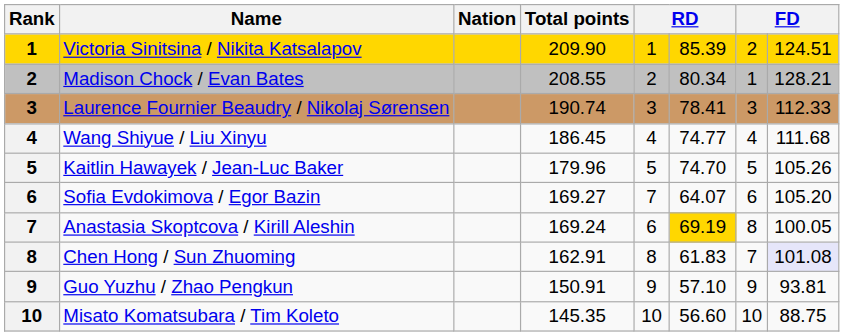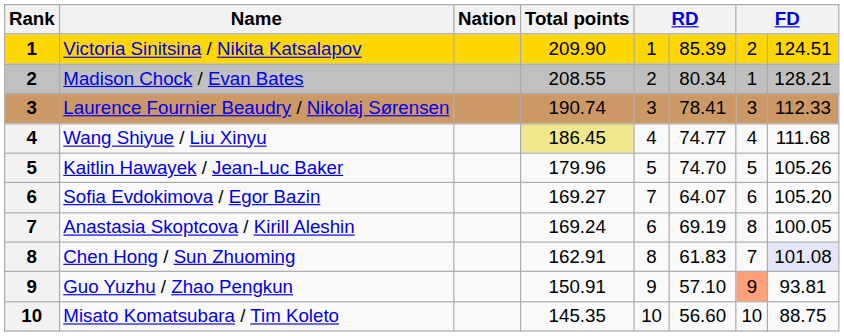 <table class="wikitable sortable">
 <tr>
 <th>Rank</th>
 <th>Name</th>
 <th>Nation</th>
 <th>Total points</th>
 <th colspan="2" width="80px"><a href='#'>RD</a></th>
 <th colspan="2" width="80px"><a href='#'>FD</a></th>
 </tr>
 <tr bgcolor="gold">
 <td align="center"><strong>1</strong></td>
 <td><a href='#'>Victoria Sinitsina</a> / <a href='#'>Nikita Katsalapov</a></td>
 <td></td>
 <td align="center">209.90</td>
 <td align="center">1</td>
 <td align="center">85.39</td>
 <td align="center">2</td>
 <td align="center">124.51</td>
 </tr>
 <tr bgcolor="silver">
 <td align="center"><strong>2</strong></td>
 <td><a href='#'>Madison Chock</a> / <a href='#'>Evan Bates</a></td>
 <td></td>
 <td align="center">208.55</td>
 <td align="center">2</td>
 <td align="center">80.34</td>
 <td align="center">1</td>
 <td align="center">128.21</td>
 </tr>
 <tr bgcolor="cc9966">
 <td align="center"><strong>3</strong></td>
 <td><a href='#'>Laurence Fournier Beaudry</a> / <a href='#'>Nikolaj Sørensen</a></td>
 <td></td>
 <td align="center">190.74</td>
 <td align="center">3</td>
 <td align="center">78.41</td>
 <td align="center">3</td>
 <td align="center">112.33</td>
 </tr>
 <tr>
 <th>4</th>
 <td><a href='#'>Wang Shiyue</a> / <a href='#'>Liu Xinyu</a></td>
 <td></td>
-<td align="center">186.45</td>
+<td align="center" style="background: khaki;">186.45</td>
 <td align="center">4</td>
 <td align="center">74.77</td>
 <td align="center">4</td>
 <td align="center">111.68</td>
 </tr>
 <tr>
 <th>5</th>
 <td><a href='#'>Kaitlin Hawayek</a> / <a href='#'>Jean-Luc Baker</a></td>
 <td></td>
 <td align="center">179.96</td>
 <td align="center">5</td>
 <td align="center">74.70</td>
 <td align="center">5</td>
 <td align="center">105.26</td>
 </tr>
 <tr>
 <th>6</th>
 <td><a href='#'>Sofia Evdokimova</a> / <a href='#'>Egor Bazin</a></td>
 <td></td>
 <td align="center">169.27</td>
 <td align="center">7</td>
 <td align="center">64.07</td>
 <td align="center">6</td>
 <td align="center">105.20</td>
 </tr>
 <tr>
 <th>7</th>
 <td><a href='#'>Anastasia Skoptcova</a> / <a href='#'>Kirill Aleshin</a></td>
 <td></td>
 <td align="center">169.24</td>
 <td align="center">6</td>
-<td align="center" style="background: gold;">69.19</td>
+<td align="center">69.19</td>
 <td align="center">8</td>
 <td align="center">100.05</td>
 </tr>
 <tr>
 <th>8</th>
 <td><a href='#'>Chen Hong</a> / <a href='#'>Sun Zhuoming</a></td>
 <td></td>
 <td align="center">162.91</td>
 <td align="center">8</td>
 <td align="center">61.83</td>
 <td align="center">7</td>
 <td align="center" style="background: lavender;">101.08</td>
 </tr>
 <tr>
 <th>9</th>
 <td><a href='#'>Guo Yuzhu</a> / <a href='#'>Zhao Pengkun</a></td>
 <td></td>
 <td align="center">150.91</td>
 <td align="center">9</td>
 <td align="center">57.10</td>
-<td align="center">9</td>
+<td align="center" style="background: lightsalmon;">9</td>
 <td align="center">93.81</td>
 </tr>
 <tr>
 <th>10</th>
 <td><a href='#'>Misato Komatsubara</a> / <a href='#'>Tim Koleto</a></td>
 <td></td>
 <td align="center">145.35</td>
 <td align="center">10</td>
 <td align="center">56.60</td>
 <td align="center">10</td>
 <td align="center">88.75</td>
 </tr>
 </table>
